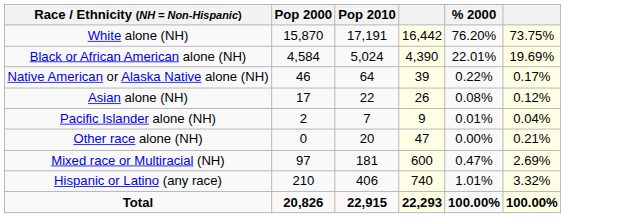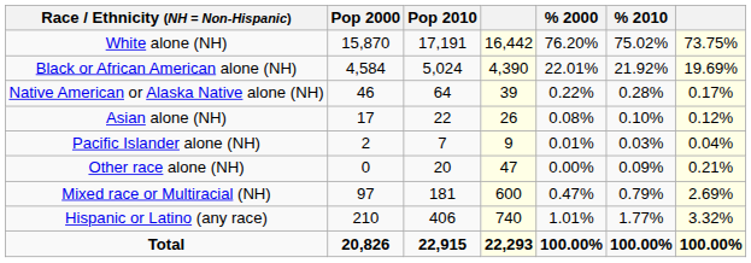 <table class="wikitable" style="text-align:center;">
 <tr>
 <th>Race / Ethnicity <small>(<em>NH = Non-Hispanic</em>)</small></th>
 <th>Pop 2000</th>
 <th>Pop 2010</th>
 <th></th>
 <th>% 2000</th>
+<th>% 2010</th>
 <th></th>
 </tr>
 <tr>
 <td><a href='#'>White</a> alone (NH)</td>
 <td>15,870</td>
 <td>17,191</td>
 <td style='background: #ffffe6;'>16,442</td>
 <td>76.20%</td>
+<td>75.02%</td>
 <td style='background: #ffffe6;'>73.75%</td>
 </tr>
 <tr>
 <td><a href='#'>Black or African American</a> alone (NH)</td>
 <td>4,584</td>
 <td>5,024</td>
 <td style='background: #ffffe6;'>4,390</td>
 <td>22.01%</td>
+<td>21.92%</td>
 <td style='background: #ffffe6;'>19.69%</td>
 </tr>
 <tr>
 <td><a href='#'>Native American</a> or <a href='#'>Alaska Native</a> alone (NH)</td>
 <td>46</td>
 <td>64</td>
 <td style='background: #ffffe6;'>39</td>
 <td>0.22%</td>
+<td>0.28%</td>
 <td style='background: #ffffe6;'>0.17%</td>
 </tr>
 <tr>
 <td><a href='#'>Asian</a> alone (NH)</td>
 <td>17</td>
 <td>22</td>
 <td style='background: #ffffe6;'>26</td>
 <td>0.08%</td>
+<td>0.10%</td>
 <td style='background: #ffffe6;'>0.12%</td>
 </tr>
 <tr>
 <td><a href='#'>Pacific Islander</a> alone (NH)</td>
 <td>2</td>
 <td>7</td>
 <td style='background: #ffffe6;'>9</td>
 <td>0.01%</td>
+<td>0.03%</td>
 <td style='background: #ffffe6;'>0.04%</td>
 </tr>
 <tr>
 <td><a href='#'>Other race</a> alone (NH)</td>
 <td>0</td>
 <td>20</td>
 <td style='background: #ffffe6;'>47</td>
 <td>0.00%</td>
+<td>0.09%</td>
 <td style='background: #ffffe6;'>0.21%</td>
 </tr>
 <tr>
 <td><a href='#'>Mixed race or Multiracial</a> (NH)</td>
 <td>97</td>
 <td>181</td>
 <td style='background: #ffffe6;'>600</td>
 <td>0.47%</td>
+<td>0.79%</td>
 <td style='background: #ffffe6;'>2.69%</td>
 </tr>
 <tr>
 <td><a href='#'>Hispanic or Latino</a> (any race)</td>
 <td>210</td>
 <td>406</td>
 <td style='background: #ffffe6;'>740</td>
 <td>1.01%</td>
+<td>1.77%</td>
 <td style='background: #ffffe6;'>3.32%</td>
 </tr>
 <tr>
 <td><strong>Total</strong></td>
 <td><strong>20,826</strong></td>
 <td><strong>22,915</strong></td>
 <td style='background: #ffffe6;'><strong>22,293</strong></td>
 <td><strong>100.00%</strong></td>
+<td><strong>100.00%</strong></td>
 <td style='background: #ffffe6;'><strong>100.00%</strong></td>
 </tr>
 </table>
